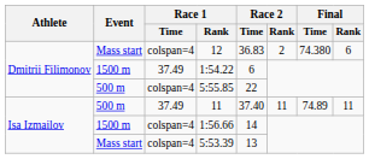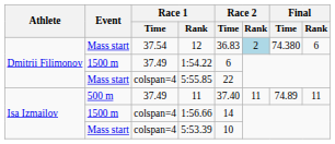 <table class="wikitable" style="font-size:90%">
 <tr>
 <th rowspan=2>Athlete</th>
 <th rowspan=2>Event</th>
 <th colspan=2>Race 1</th>
 <th colspan=2>Race 2</th>
 <th colspan=2>Final</th>
 </tr>
 <tr style="font-size:95%">
 <th>Time</th>
 <th>Rank</th>
 <th>Time</th>
 <th>Rank</th>
 <th>Time</th>
 <th>Rank</th>
 </tr>
 <tr align=center>
 <td align=left rowspan=3><a href='#'>Dmitrii Filimonov</a></td>
 <td align=left><a href='#'>Mass start</a></td>
-<td>colspan=4 </td>
+<td>37.54</td>
 <td>12</td>
 <td>36.83</td>
-<td>2</td>
+<td style="background: lightblue;">2</td>
 <td>74.380</td>
 <td>6</td>
 </tr>
 <tr align=center>
 <td align=left><a href='#'>1500 m</a></td>
 <td>37.49</td>
 <td>1:54.22</td>
 <td>6</td>
 </tr>
 <tr align=center>
-<td align=left><a href='#'>500 m</a></td>
+<td align=left><a href='#'>Mass start</a></td>
 <td>colspan=4 </td>
 <td>5:55.85</td>
 <td>22</td>
 </tr>
 <tr align=center>
 <td align=left rowspan=3><a href='#'>Isa Izmailov</a></td>
 <td align=left><a href='#'>500 m</a></td>
 <td>37.49</td>
 <td>11</td>
 <td>37.40</td>
 <td>11</td>
 <td>74.89</td>
 <td>11</td>
 </tr>
 <tr align=center>
 <td align=left><a href='#'>1500 m</a></td>
 <td>colspan=4 </td>
 <td>1:56.66</td>
 <td>14</td>
 </tr>
 <tr align=center>
 <td align=left><a href='#'>Mass start</a></td>
 <td>colspan=4 </td>
 <td>5:53.39</td>
-<td>13</td>
+<td>10</td>
 </tr>
 </table>
